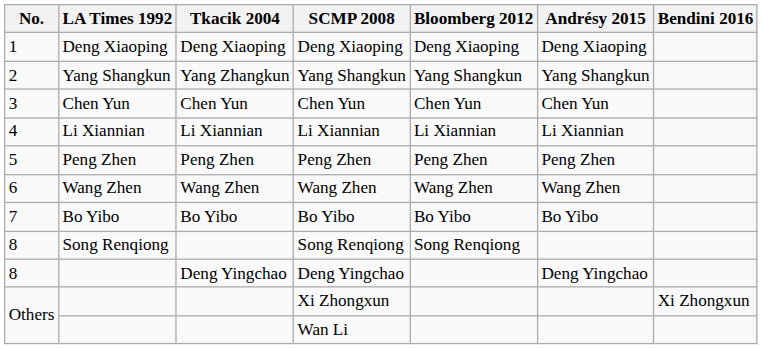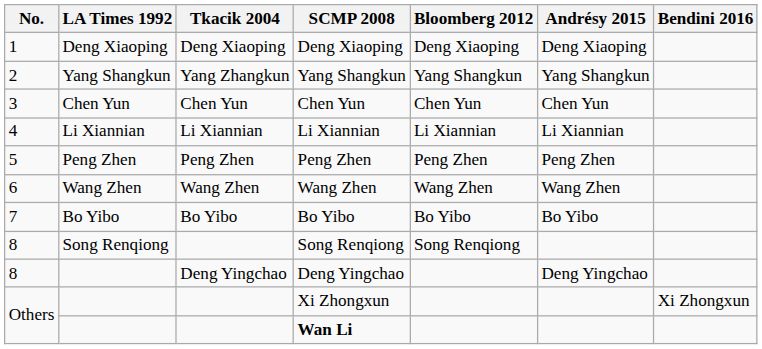 <table class="wikitable" style="font-size:85%;">
 <tr>
 <th>No.</th>
 <th>LA Times 1992</th>
 <th>Tkacik 2004</th>
 <th>SCMP 2008</th>
 <th>Bloomberg 2012</th>
 <th>Andrésy 2015</th>
 <th>Bendini 2016</th>
 </tr>
 <tr>
 <td>1</td>
 <td>Deng Xiaoping</td>
 <td>Deng Xiaoping</td>
 <td>Deng Xiaoping</td>
 <td>Deng Xiaoping</td>
 <td>Deng Xiaoping</td>
 <td></td>
 </tr>
 <tr>
 <td>2</td>
 <td>Yang Shangkun</td>
 <td>Yang Zhangkun</td>
 <td>Yang Shangkun</td>
 <td>Yang Shangkun</td>
 <td>Yang Shangkun</td>
 <td></td>
 </tr>
 <tr>
 <td>3</td>
 <td>Chen Yun</td>
 <td>Chen Yun</td>
 <td>Chen Yun</td>
 <td>Chen Yun</td>
 <td>Chen Yun</td>
 <td></td>
 </tr>
 <tr>
 <td>4</td>
 <td>Li Xiannian</td>
 <td>Li Xiannian</td>
 <td>Li Xiannian</td>
 <td>Li Xiannian</td>
 <td>Li Xiannian</td>
 <td></td>
 </tr>
 <tr>
 <td>5</td>
 <td>Peng Zhen</td>
 <td>Peng Zhen</td>
 <td>Peng Zhen</td>
 <td>Peng Zhen</td>
 <td>Peng Zhen</td>
 <td></td>
 </tr>
 <tr>
 <td>6</td>
 <td>Wang Zhen</td>
 <td>Wang Zhen</td>
 <td>Wang Zhen</td>
 <td>Wang Zhen</td>
 <td>Wang Zhen</td>
 <td></td>
 </tr>
 <tr>
 <td>7</td>
 <td>Bo Yibo</td>
 <td>Bo Yibo</td>
 <td>Bo Yibo</td>
 <td>Bo Yibo</td>
 <td>Bo Yibo</td>
 <td></td>
 </tr>
 <tr>
 <td>8</td>
 <td>Song Renqiong</td>
 <td></td>
 <td>Song Renqiong</td>
 <td>Song Renqiong</td>
 <td></td>
 <td></td>
 </tr>
 <tr>
 <td>8</td>
 <td></td>
 <td>Deng Yingchao</td>
 <td>Deng Yingchao</td>
 <td></td>
 <td>Deng Yingchao</td>
 <td></td>
 </tr>
 <tr>
 <td rowspan="2">Others</td>
 <td></td>
 <td></td>
 <td>Xi Zhongxun</td>
 <td></td>
 <td></td>
 <td>Xi Zhongxun</td>
 </tr>
 <tr>
 <td></td>
 <td></td>
-<td>Wan Li</td>
+<td><strong>Wan Li</strong></td>
 <td></td>
 <td></td>
 <td></td>
 </tr>
 </table>
